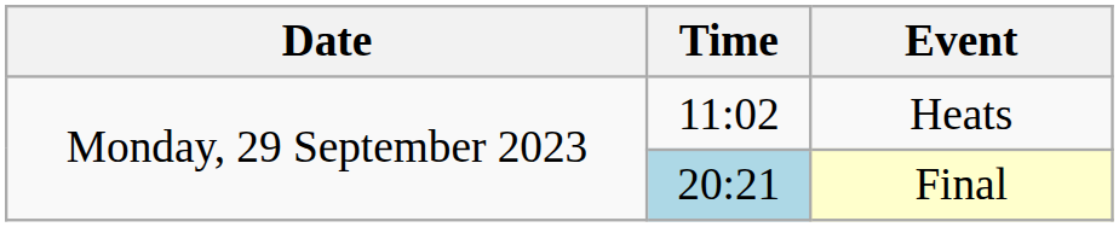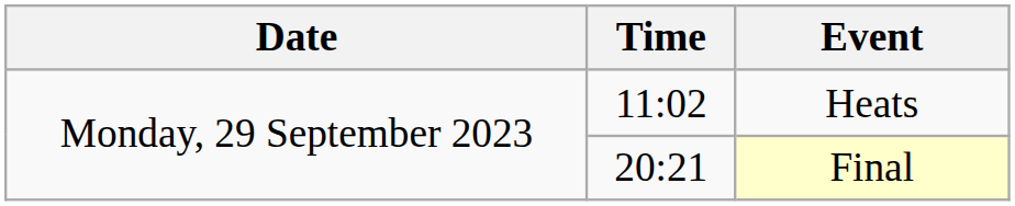 <table class = "wikitable" style="text-align:center;">
 <tr>
 <th width=220>Date</th>
 <th width=50>Time</th>
 <th width=100>Event</th>
 </tr>
 <tr>
 <td rowspan=3>Monday, 29 September 2023</td>
 <td>11:02</td>
 <td>Heats</td>
 </tr>
 <tr>
-<td style="background: lightblue;">20:21</td>
+<td>20:21</td>
 <td bgcolor=ffffcc>Final</td>
 </tr>
 </table>
